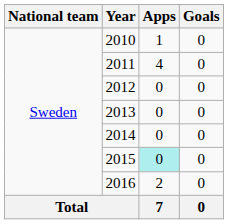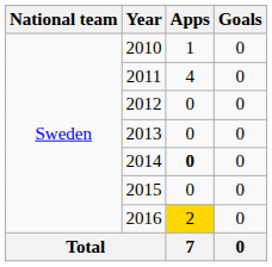 <table class="wikitable" style="text-align:center">
 <tr>
 <th>National team</th>
 <th>Year</th>
 <th>Apps</th>
 <th>Goals</th>
 </tr>
 <tr>
 <td rowspan="7"><a href='#'>Sweden</a></td>
 <td>2010</td>
 <td>1</td>
 <td>0</td>
 </tr>
 <tr>
 <td>2011</td>
 <td>4</td>
 <td>0</td>
 </tr>
 <tr>
 <td>2012</td>
 <td>0</td>
 <td>0</td>
 </tr>
 <tr>
 <td>2013</td>
 <td>0</td>
 <td>0</td>
 </tr>
 <tr>
 <td>2014</td>
+<td><strong>0</strong></td>
+<td>0</td>
+</tr>
+<tr>
+<td>2015</td>
 <td>0</td>
 <td>0</td>
 </tr>
 <tr>
-<td>2015</td>
-<td style="background: paleturquoise;">0</td>
-<td>0</td>
-</tr>
-<tr>
 <td>2016</td>
-<td>2</td>
+<td style="background: gold;">2</td>
 <td>0</td>
 </tr>
 <tr>
 <th colspan="2">Total</th>
 <th>7</th>
 <th>0</th>
 </tr>
 </table>
